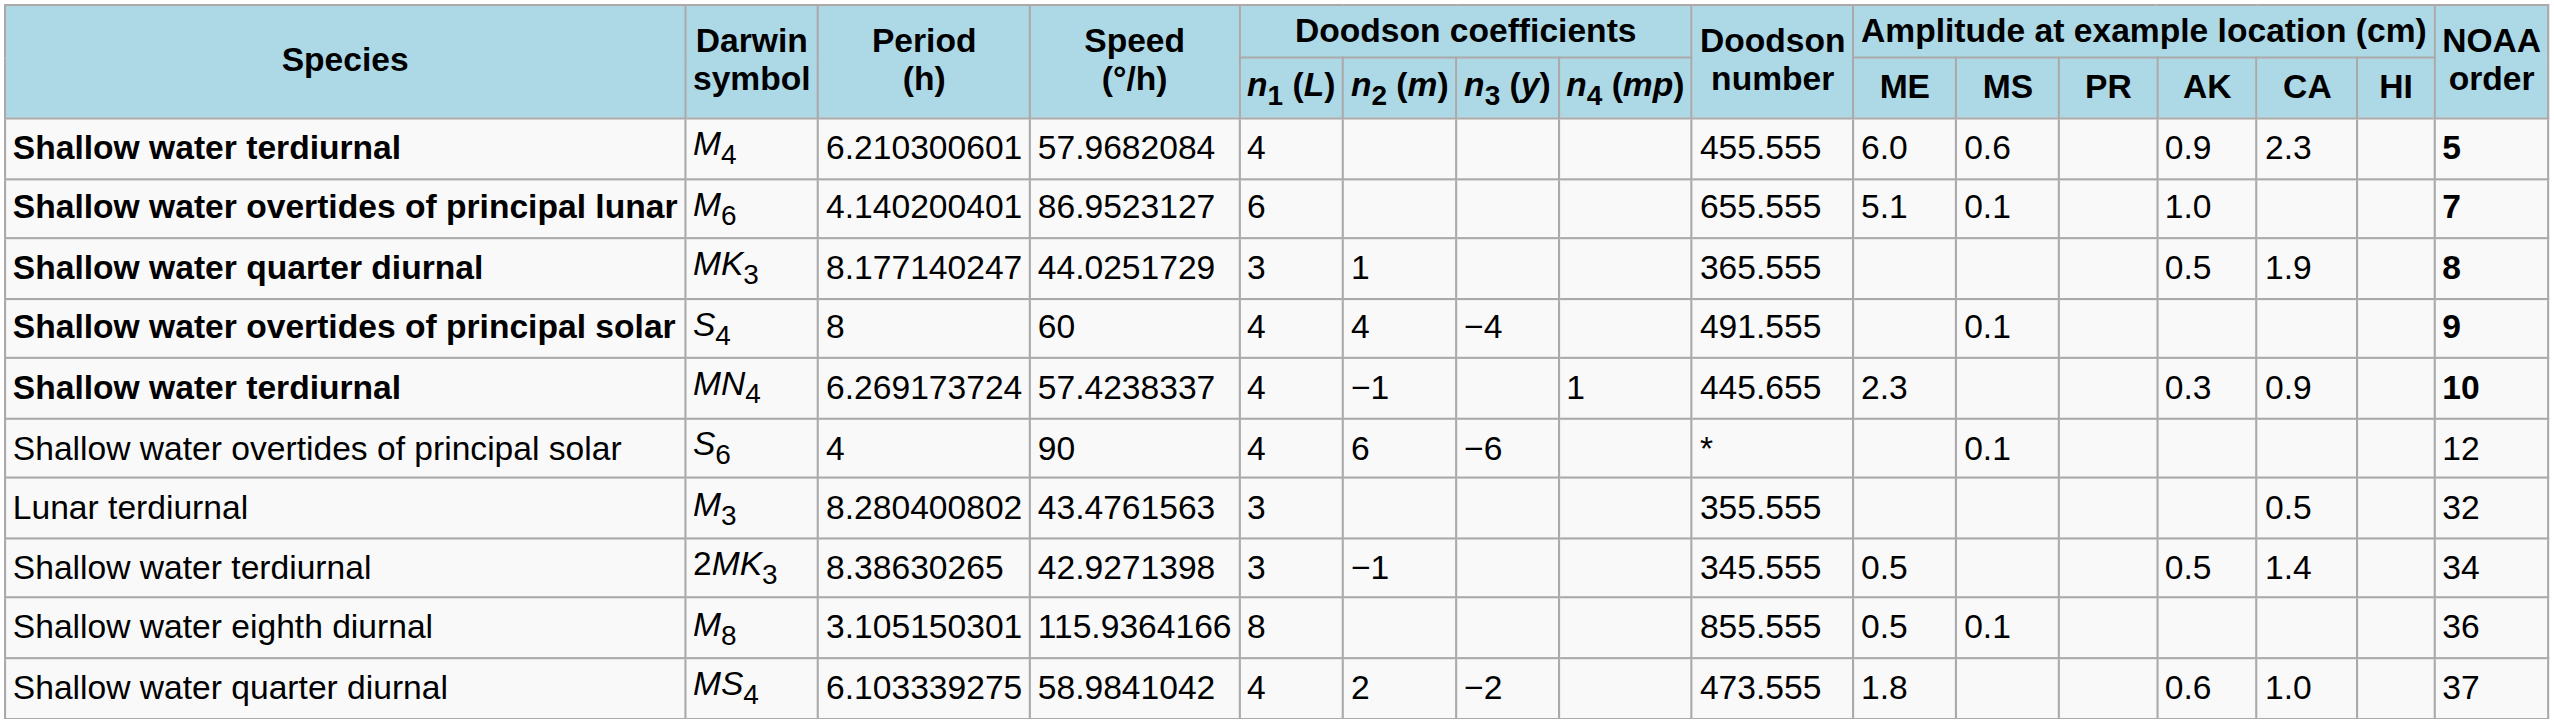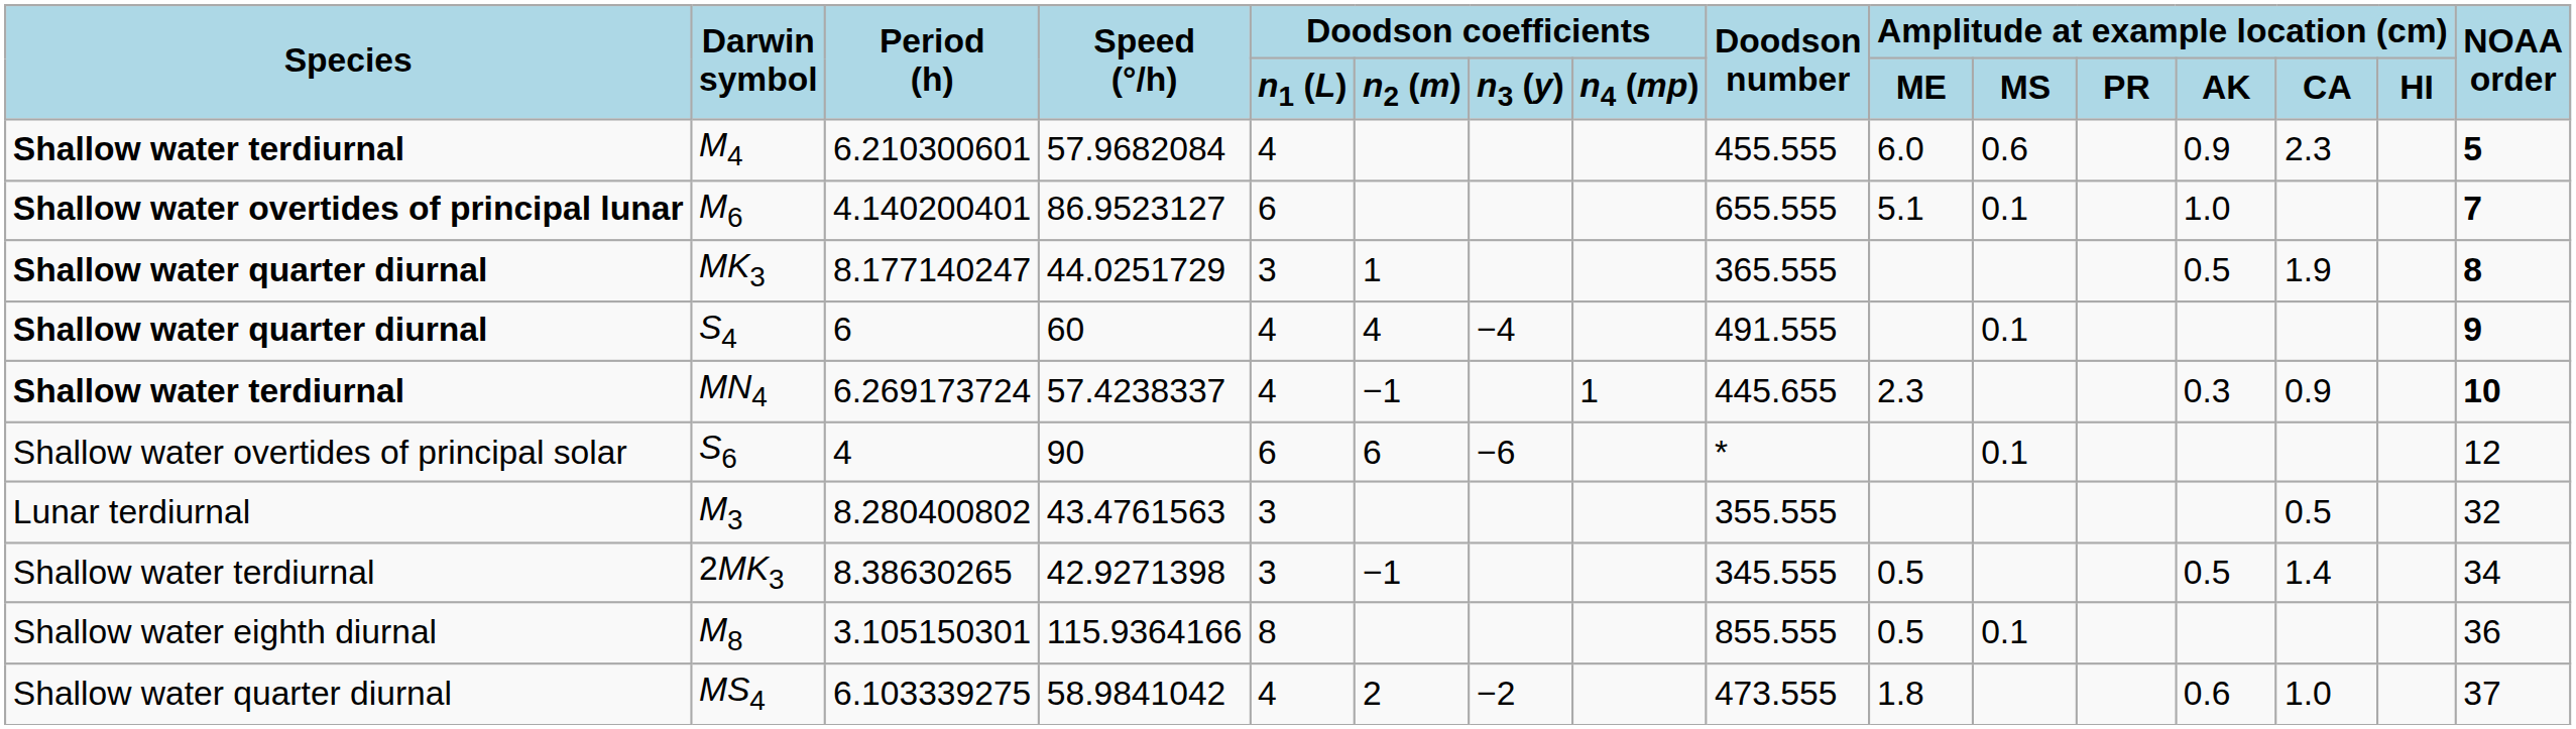 <table class="wikitable" border:1; cellpadding:0; cellspacing:0; style="vertical-align:top; align:left;">
 <tr>
 <th rowspan="2" style="background-color:lightblue;">Species</th>
 <th rowspan="2" style="background-color:lightblue;">Darwin <br>symbol</th>
 <th rowspan="2" style="background-color:lightblue;">Period <br>(h)</th>
 <th rowspan="2" style="background-color:lightblue;">Speed <br>(°/h)</th>
 <th colspan="4" style="background-color:lightblue;">Doodson coefficients</th>
 <th rowspan="2" style="background-color:lightblue;">Doodson <br>number</th>
 <th colspan="6" style="background-color:lightblue;">Amplitude at example location (cm)</th>
 <th rowspan="2" style="background-color:lightblue;">NOAA <br>order</th>
 </tr>
 <tr>
 <th style="background-color:lightblue;"><em>n</em><sub>1</sub> (<em>L</em>)</th>
 <th style="background-color:lightblue;"><em>n</em><sub>2</sub> (<em>m</em>)</th>
 <th style="background-color:lightblue;"><em>n</em><sub>3</sub> (<em>y</em>)</th>
 <th style="background-color:lightblue;"><em>n</em><sub>4</sub> (<em>mp</em>)</th>
 <th style="background-color:lightblue;">ME</th>
 <th style="background-color:lightblue;">MS</th>
 <th style="background-color:lightblue;">PR</th>
 <th style="background-color:lightblue;">AK</th>
 <th style="background-color:lightblue;">CA</th>
 <th style="background-color:lightblue;">HI</th>
 </tr>
 <tr>
 <td><strong>Shallow water terdiurnal</strong></td>
 <td><em>M</em><sub>4</sub></td>
 <td>6.210300601</td>
 <td>57.9682084</td>
 <td>4</td>
 <td></td>
 <td></td>
 <td></td>
 <td>455.555</td>
 <td>6.0</td>
 <td>0.6</td>
 <td></td>
 <td>0.9</td>
 <td>2.3</td>
 <td></td>
 <td><strong>5</strong></td>
 </tr>
 <tr>
 <td><strong>Shallow water overtides of principal lunar</strong></td>
 <td><em>M</em><sub>6</sub></td>
 <td>4.140200401</td>
 <td>86.9523127</td>
 <td>6</td>
 <td></td>
 <td></td>
 <td></td>
 <td>655.555</td>
 <td>5.1</td>
 <td>0.1</td>
 <td></td>
 <td>1.0</td>
 <td></td>
 <td></td>
 <td><strong>7</strong></td>
 </tr>
 <tr>
 <td><strong>Shallow water quarter diurnal </strong></td>
 <td><em>MK</em><sub>3</sub></td>
 <td>8.177140247</td>
 <td>44.0251729</td>
 <td>3</td>
 <td>1</td>
 <td></td>
 <td></td>
 <td>365.555</td>
 <td></td>
 <td></td>
 <td></td>
 <td>0.5</td>
 <td>1.9</td>
 <td></td>
 <td><strong>8</strong></td>
 </tr>
 <tr>
-<td><strong>Shallow water overtides of principal solar </strong></td>
+<td><strong>Shallow water quarter diurnal </strong></td>
 <td><em>S</em><sub>4</sub></td>
-<td>8</td>
+<td>6</td>
 <td>60</td>
 <td>4</td>
 <td>4</td>
 <td>−4</td>
 <td></td>
 <td>491.555</td>
 <td></td>
 <td>0.1</td>
 <td></td>
 <td></td>
 <td></td>
 <td></td>
 <td><strong>9</strong></td>
 </tr>
 <tr>
 <td><strong>Shallow water terdiurnal</strong></td>
 <td><em>MN</em><sub>4</sub></td>
 <td>6.269173724</td>
 <td>57.4238337</td>
 <td>4</td>
 <td>−1</td>
 <td></td>
 <td>1</td>
 <td>445.655</td>
 <td>2.3</td>
 <td></td>
 <td></td>
 <td>0.3</td>
 <td>0.9</td>
 <td></td>
 <td><strong>10</strong></td>
 </tr>
 <tr>
 <td>Shallow water overtides of principal solar</td>
 <td><em>S</em><sub>6</sub></td>
 <td>4</td>
 <td>90</td>
-<td>4</td>
+<td>6</td>
 <td>6</td>
 <td>−6</td>
 <td></td>
 <td>*</td>
 <td></td>
 <td>0.1</td>
 <td></td>
 <td></td>
 <td></td>
 <td></td>
 <td>12</td>
 </tr>
 <tr>
 <td>Lunar terdiurnal</td>
 <td><em>M</em><sub>3</sub></td>
 <td>8.280400802</td>
 <td>43.4761563</td>
 <td>3</td>
 <td></td>
 <td></td>
 <td></td>
 <td>355.555</td>
 <td></td>
 <td></td>
 <td></td>
 <td></td>
 <td>0.5</td>
 <td></td>
 <td>32</td>
 </tr>
 <tr>
 <td>Shallow water terdiurnal</td>
 <td>2<em>MK</em><sub>3</sub></td>
 <td>8.38630265</td>
 <td>42.9271398</td>
 <td>3</td>
 <td>−1</td>
 <td></td>
 <td></td>
 <td>345.555</td>
 <td>0.5</td>
 <td></td>
 <td></td>
 <td>0.5</td>
 <td>1.4</td>
 <td></td>
 <td>34</td>
 </tr>
 <tr>
 <td>Shallow water eighth diurnal</td>
 <td><em>M</em><sub>8</sub></td>
 <td>3.105150301</td>
 <td>115.9364166</td>
 <td>8</td>
 <td></td>
 <td></td>
 <td></td>
 <td>855.555</td>
 <td>0.5</td>
 <td>0.1</td>
 <td></td>
 <td></td>
 <td></td>
 <td></td>
 <td>36</td>
 </tr>
 <tr>
 <td>Shallow water quarter diurnal</td>
 <td><em>MS</em><sub>4</sub></td>
 <td>6.103339275</td>
 <td>58.9841042</td>
 <td>4</td>
 <td>2</td>
 <td>−2</td>
 <td></td>
 <td>473.555</td>
 <td>1.8</td>
 <td></td>
 <td></td>
 <td>0.6</td>
 <td>1.0</td>
 <td></td>
 <td>37</td>
 </tr>
 </table>
